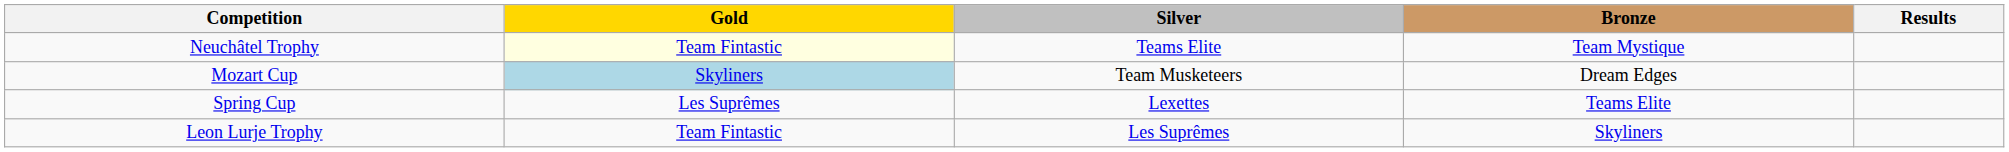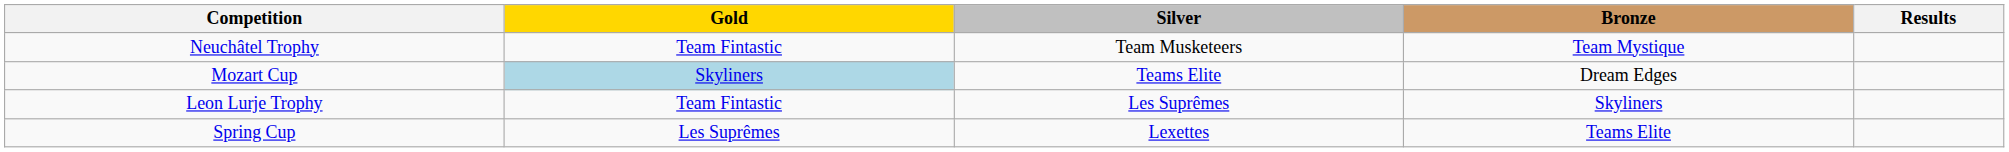 <table class="wikitable" style="text-align:center; width:90%;">
 <tr>
 <th scope="col" style="text-align:center; width:25%;">Competition</th>
 <td scope="col" style="text-align:center; width:22.5%; background:gold"><strong>Gold</strong></td>
 <td scope="col" style="text-align:center; width:22.5%; background:silver"><strong>Silver</strong></td>
 <td scope="col" style="text-align:center; width:22.5%; background:#c96"><strong>Bronze</strong></td>
 <th scope="col" style="text-align:center; width:7.5%;">Results</th>
 </tr>
 <tr>
 <td align="center"><a href='#'>Neuchâtel Trophy</a></td>
-<td style="background: lightyellow;"><a href='#'>Team Fintastic</a></td>
-<td><a href='#'>Teams Elite</a></td>
+<td><a href='#'>Team Fintastic</a></td>
+<td>Team Musketeers</td>
 <td><a href='#'>Team Mystique</a></td>
 <td></td>
 </tr>
 <tr>
 <td><a href='#'>Mozart Cup</a></td>
 <td style="background: lightblue;"><a href='#'>Skyliners</a></td>
-<td>Team Musketeers</td>
+<td><a href='#'>Teams Elite</a></td>
 <td>Dream Edges</td>
+<td></td>
+</tr>
+<tr>
+<td><a href='#'>Leon Lurje Trophy</a></td>
+<td><a href='#'>Team Fintastic</a></td>
+<td><a href='#'>Les Suprêmes</a></td>
+<td><a href='#'>Skyliners</a></td>
 <td></td>
 </tr>
 <tr>
 <td><a href='#'>Spring Cup</a></td>
 <td><a href='#'>Les Suprêmes</a></td>
 <td><a href='#'>Lexettes</a></td>
 <td><a href='#'>Teams Elite</a></td>
 <td></td>
 </tr>
-<tr>
-<td><a href='#'>Leon Lurje Trophy</a></td>
-<td><a href='#'>Team Fintastic</a></td>
-<td><a href='#'>Les Suprêmes</a></td>
-<td><a href='#'>Skyliners</a></td>
-<td></td>
-</tr>
 </table>
